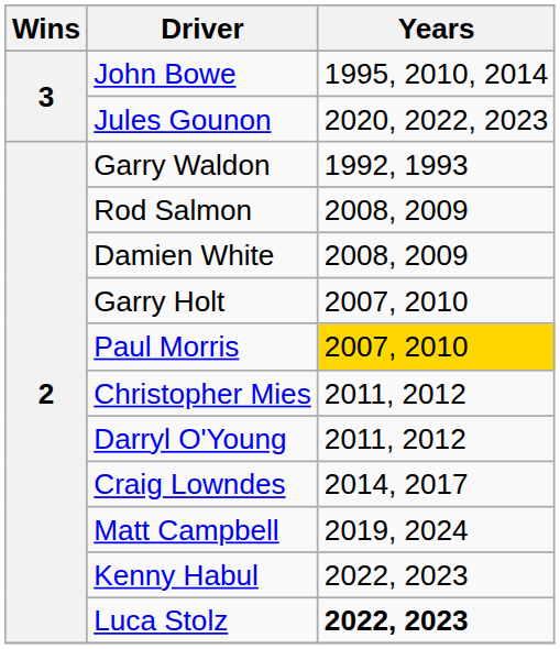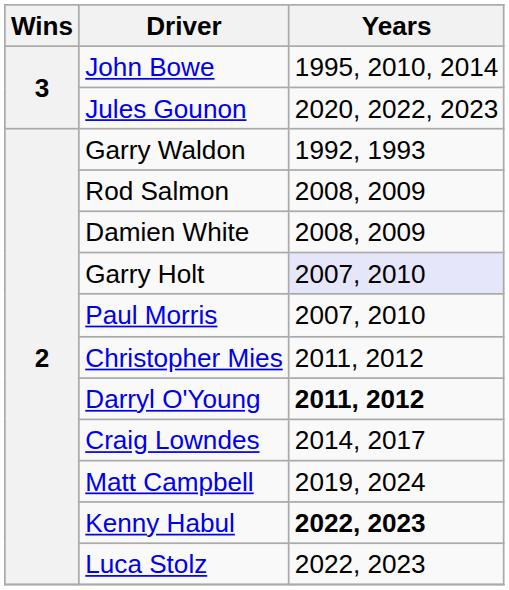 <table class="wikitable" style="font-size: 95%;">
 <tr>
 <th>Wins</th>
 <th>Driver</th>
 <th>Years</th>
 </tr>
 <tr>
 <th rowspan="2">3</th>
 <td> <a href='#'>John Bowe</a></td>
 <td>1995, 2010, 2014</td>
 </tr>
 <tr>
 <td> <a href='#'>Jules Gounon</a></td>
 <td>2020, 2022, 2023</td>
 </tr>
 <tr>
 <th rowspan="11">2</th>
 <td> Garry Waldon</td>
 <td>1992, 1993</td>
 </tr>
 <tr>
 <td> Rod Salmon</td>
 <td>2008, 2009</td>
 </tr>
 <tr>
 <td> Damien White</td>
 <td>2008, 2009</td>
 </tr>
 <tr>
 <td> Garry Holt</td>
-<td>2007, 2010</td>
+<td style="background: lavender;">2007, 2010</td>
 </tr>
 <tr>
 <td> <a href='#'>Paul Morris</a></td>
-<td style="background: gold;">2007, 2010</td>
+<td>2007, 2010</td>
 </tr>
 <tr>
 <td> <a href='#'>Christopher Mies</a></td>
 <td>2011, 2012</td>
 </tr>
 <tr>
 <td> <a href='#'>Darryl O'Young</a></td>
-<td>2011, 2012</td>
+<td><strong>2011, 2012</strong></td>
 </tr>
 <tr>
 <td> <a href='#'>Craig Lowndes</a></td>
 <td>2014, 2017</td>
 </tr>
 <tr>
 <td> <a href='#'>Matt Campbell</a></td>
 <td>2019, 2024</td>
 </tr>
 <tr>
 <td> <a href='#'>Kenny Habul</a></td>
-<td>2022, 2023</td>
+<td><strong>2022, 2023</strong></td>
 </tr>
 <tr>
 <td> <a href='#'>Luca Stolz</a></td>
-<td><strong>2022, 2023</strong></td>
+<td>2022, 2023</td>
 </tr>
 <tr>
 </tr>
 </table>
